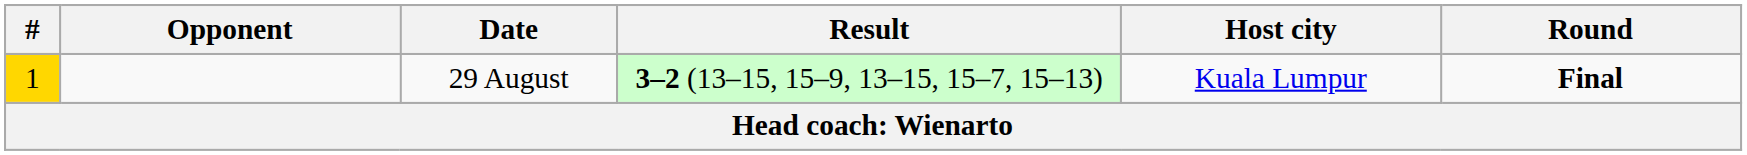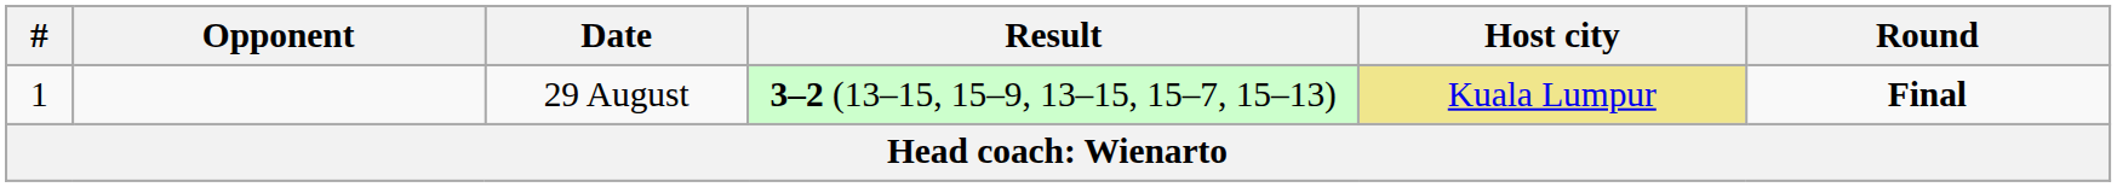 <table class="wikitable" style="text-align: center;font-size:90%;">
 <tr>
 <th width=20>#</th>
 <th width=160>Opponent</th>
 <th width=100>Date</th>
 <th width=240>Result</th>
 <th width=150>Host city</th>
 <th width=140>Round</th>
 </tr>
 <tr>
-<td style="background: gold;">1</td>
+<td>1</td>
 <td align=left></td>
 <td>29 August</td>
 <td bgcolor=ccffcc><strong>3–2</strong> (13–15, 15–9, 13–15, 15–7, 15–13)</td>
-<td> <a href='#'>Kuala Lumpur</a></td>
+<td style="background: khaki;"> <a href='#'>Kuala Lumpur</a></td>
 <td><strong>Final</strong></td>
 </tr>
 <tr>
 <th colspan=6>Head coach:  Wienarto</th>
 </tr>
 </table>
